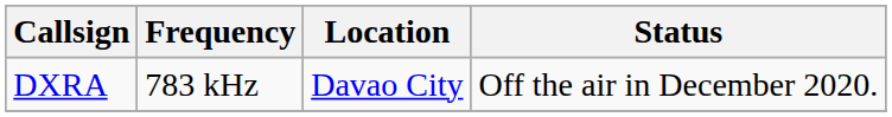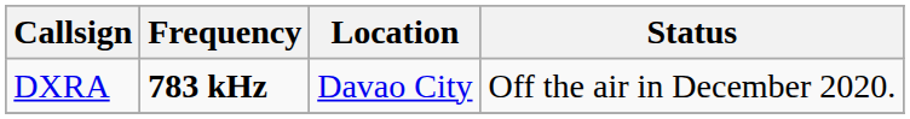 <table class="wikitable">
 <tr>
 <th>Callsign</th>
 <th>Frequency</th>
 <th>Location</th>
 <th>Status</th>
 </tr>
 <tr>
 <td><a href='#'>DXRA</a></td>
-<td>783 kHz</td>
+<td><strong>783 kHz</strong></td>
 <td><a href='#'>Davao City</a></td>
 <td>Off the air in December 2020.</td>
 </tr>
 <tr>
 </tr>
 </table>
